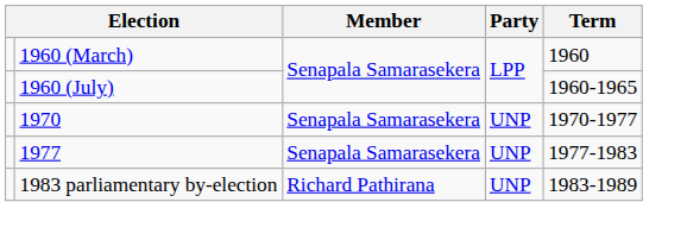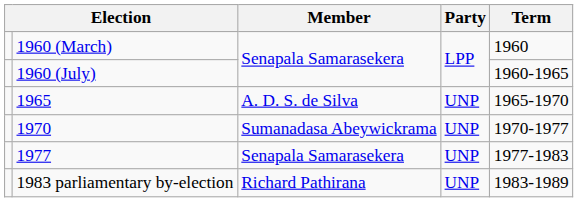 <table class="wikitable">
 <tr>
 <th colspan="2">Election</th>
 <th>Member</th>
 <th>Party</th>
 <th>Term</th>
 </tr>
 <tr>
 <td style="background-color: " ></td>
 <td><a href='#'>1960 (March)</a></td>
 <td rowspan=2><a href='#'>Senapala Samarasekera</a></td>
 <td rowspan=2><a href='#'>LPP</a></td>
 <td>1960</td>
 </tr>
 <tr>
 <td style="background-color: "></td>
 <td><a href='#'>1960 (July)</a></td>
 <td>1960-1965</td>
 </tr>
 <tr>
 <td style="background-color: "></td>
+<td><a href='#'>1965</a></td>
+<td><a href='#'>A. D. S. de Silva</a></td>
+<td><a href='#'>UNP</a></td>
+<td>1965-1970</td>
+</tr>
+<tr>
+<td style="background-color: "></td>
 <td><a href='#'>1970</a></td>
-<td><a href='#'>Senapala Samarasekera</a></td>
+<td><a href='#'>Sumanadasa Abeywickrama</a></td>
 <td><a href='#'>UNP</a></td>
 <td>1970-1977</td>
 </tr>
 <tr>
 <td style="background-color: "></td>
 <td><a href='#'>1977</a></td>
 <td><a href='#'>Senapala Samarasekera</a></td>
 <td><a href='#'>UNP</a></td>
 <td>1977-1983</td>
 </tr>
 <tr>
 <td style="background-color: "></td>
 <td>1983 parliamentary by-election</td>
 <td><a href='#'>Richard Pathirana</a></td>
 <td><a href='#'>UNP</a></td>
 <td>1983-1989</td>
 </tr>
 </table>
